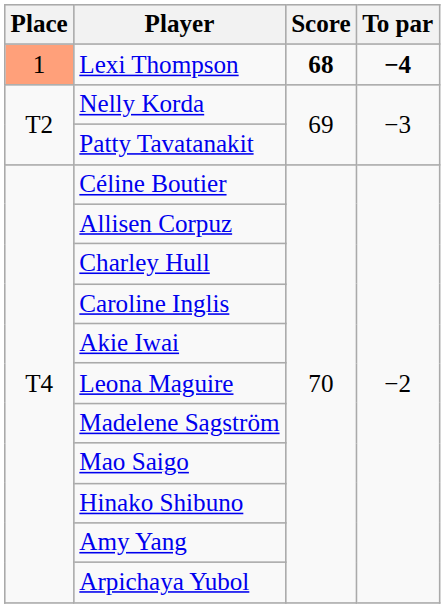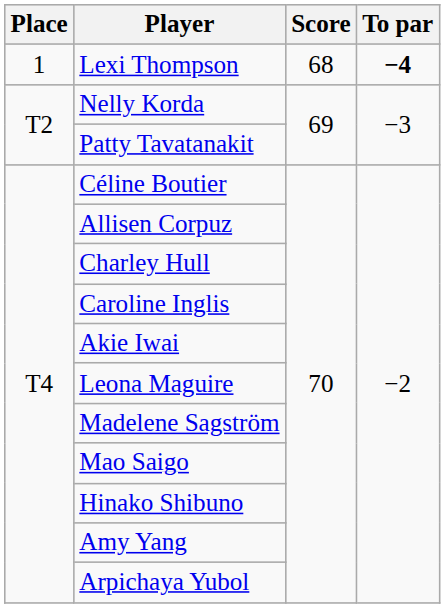 <table class="wikitable">
 <tr>
 <th>Place</th>
 <th>Player</th>
 <th>Score</th>
 <th>To par</th>
 </tr>
 <tr>
-<td align=center style="background: lightsalmon;">1</td>
+<td align=center>1</td>
 <td> <a href='#'>Lexi Thompson</a></td>
-<td align=center><strong>68</strong></td>
+<td align=center>68</td>
 <td align=center><strong>−4</strong></td>
 </tr>
 <tr>
 <td rowspan=2 align=center>T2</td>
 <td> <a href='#'>Nelly Korda</a></td>
 <td rowspan=2 align=center>69</td>
 <td rowspan=2 align=center>−3</td>
 </tr>
 <tr>
 <td> <a href='#'>Patty Tavatanakit</a></td>
 </tr>
 <tr>
 <td rowspan=11 align=center>T4</td>
 <td> <a href='#'>Céline Boutier</a></td>
 <td rowspan=11 align=center>70</td>
 <td rowspan=11 align=center>−2</td>
 </tr>
 <tr>
 <td> <a href='#'>Allisen Corpuz</a></td>
 </tr>
 <tr>
 <td> <a href='#'>Charley Hull</a></td>
 </tr>
 <tr>
 <td> <a href='#'>Caroline Inglis</a></td>
 </tr>
 <tr>
 <td> <a href='#'>Akie Iwai</a></td>
 </tr>
 <tr>
 <td> <a href='#'>Leona Maguire</a></td>
 </tr>
 <tr>
 <td> <a href='#'>Madelene Sagström</a></td>
 </tr>
 <tr>
 <td> <a href='#'>Mao Saigo</a></td>
 </tr>
 <tr>
 <td> <a href='#'>Hinako Shibuno</a></td>
 </tr>
 <tr>
 <td> <a href='#'>Amy Yang</a></td>
 </tr>
 <tr>
 <td> <a href='#'>Arpichaya Yubol</a></td>
 </tr>
 </table>
